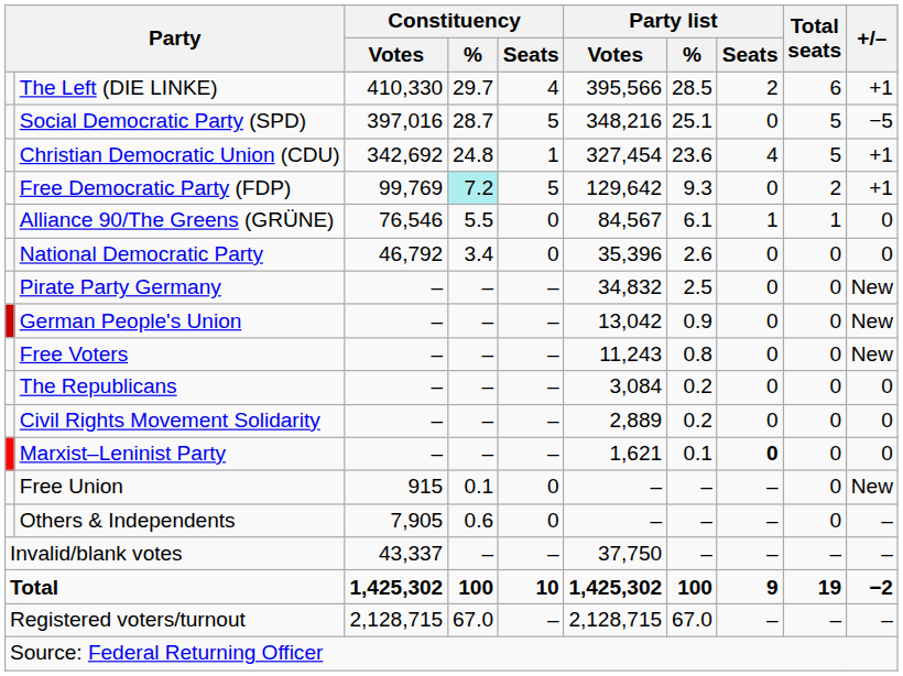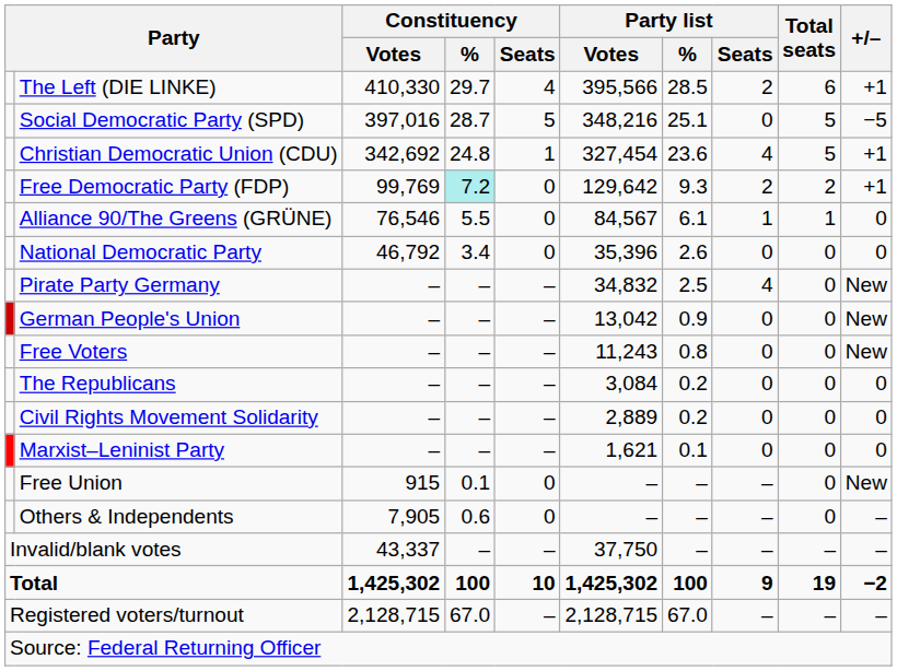 <table class="wikitable" style="text-align:right">
 <tr>
 <th colspan="2" rowspan="2">Party</th>
 <th colspan="3">Constituency</th>
 <th colspan="3">Party list</th>
 <th rowspan="2">Total<br>seats</th>
 <th rowspan="2">+/–</th>
 </tr>
 <tr>
 <th>Votes</th>
 <th>%</th>
 <th>Seats</th>
 <th>Votes</th>
 <th>%</th>
 <th>Seats</th>
 </tr>
 <tr>
 <td></td>
 <td align="left"><a href='#'>The Left</a> (DIE LINKE)</td>
 <td>410,330</td>
 <td>29.7</td>
 <td>4</td>
 <td>395,566</td>
 <td>28.5</td>
 <td>2</td>
 <td>6</td>
 <td>+1</td>
 </tr>
 <tr>
 <td></td>
 <td align="left"><a href='#'>Social Democratic Party</a> (SPD)</td>
 <td>397,016</td>
 <td>28.7</td>
 <td>5</td>
 <td>348,216</td>
 <td>25.1</td>
 <td>0</td>
 <td>5</td>
 <td>−5</td>
 </tr>
 <tr>
 <td></td>
 <td align="left"><a href='#'>Christian Democratic Union</a> (CDU)</td>
 <td>342,692</td>
 <td>24.8</td>
 <td>1</td>
 <td>327,454</td>
 <td>23.6</td>
 <td>4</td>
 <td>5</td>
 <td>+1</td>
 </tr>
 <tr>
 <td></td>
 <td align="left"><a href='#'>Free Democratic Party</a> (FDP)</td>
 <td>99,769</td>
 <td style="background: paleturquoise;">7.2</td>
-<td>5</td>
+<td>0</td>
 <td>129,642</td>
 <td>9.3</td>
-<td>0</td>
+<td>2</td>
 <td>2</td>
 <td>+1</td>
 </tr>
 <tr>
 <td></td>
 <td align="left"><a href='#'>Alliance 90/The Greens</a> (GRÜNE)</td>
 <td>76,546</td>
 <td>5.5</td>
 <td>0</td>
 <td>84,567</td>
 <td>6.1</td>
 <td>1</td>
 <td>1</td>
 <td>0</td>
 </tr>
 <tr>
 <td style="background-color:"></td>
 <td align="left"><a href='#'>National Democratic Party</a></td>
 <td>46,792</td>
 <td>3.4</td>
 <td>0</td>
 <td>35,396</td>
 <td>2.6</td>
 <td>0</td>
 <td>0</td>
 <td>0</td>
 </tr>
 <tr>
 <td style="background-color:"></td>
 <td align="left"><a href='#'>Pirate Party Germany</a></td>
 <td>–</td>
 <td>–</td>
 <td>–</td>
 <td>34,832</td>
 <td>2.5</td>
-<td>0</td>
+<td>4</td>
 <td>0</td>
 <td>New</td>
 </tr>
 <tr>
 <td style="background-color:#CC0000"></td>
 <td align="left"><a href='#'>German People's Union</a></td>
 <td>–</td>
 <td>–</td>
 <td>–</td>
 <td>13,042</td>
 <td>0.9</td>
 <td>0</td>
 <td>0</td>
 <td>New</td>
 </tr>
 <tr>
 <td style="background-color:"></td>
 <td align="left"><a href='#'>Free Voters</a></td>
 <td>–</td>
 <td>–</td>
 <td>–</td>
 <td>11,243</td>
 <td>0.8</td>
 <td>0</td>
 <td>0</td>
 <td>New</td>
 </tr>
 <tr>
 <td style="background-color:"></td>
 <td align="left"><a href='#'>The Republicans</a></td>
 <td>–</td>
 <td>–</td>
 <td>–</td>
 <td>3,084</td>
 <td>0.2</td>
 <td>0</td>
 <td>0</td>
 <td>0</td>
 </tr>
 <tr>
 <td></td>
 <td align="left"><a href='#'>Civil Rights Movement Solidarity</a></td>
 <td>–</td>
 <td>–</td>
 <td>–</td>
 <td>2,889</td>
 <td>0.2</td>
 <td>0</td>
 <td>0</td>
 <td>0</td>
 </tr>
 <tr>
 <td style="background-color:red"></td>
 <td align="left"><a href='#'>Marxist–Leninist Party</a></td>
 <td>–</td>
 <td>–</td>
 <td>–</td>
 <td>1,621</td>
 <td>0.1</td>
-<td><strong>0</strong></td>
+<td>0</td>
 <td>0</td>
 <td>0</td>
 </tr>
 <tr>
 <td></td>
 <td align="left">Free Union</td>
 <td>915</td>
 <td>0.1</td>
 <td>0</td>
 <td>–</td>
 <td>–</td>
 <td>–</td>
 <td>0</td>
 <td>New</td>
 </tr>
 <tr>
 <td></td>
 <td align="left">Others & Independents</td>
 <td>7,905</td>
 <td>0.6</td>
 <td>0</td>
 <td>–</td>
 <td>–</td>
 <td>–</td>
 <td>0</td>
 <td>–</td>
 </tr>
 <tr>
 <td colspan="2" align="left">Invalid/blank votes</td>
 <td>43,337</td>
 <td>–</td>
 <td>–</td>
 <td>37,750</td>
 <td>–</td>
 <td>–</td>
 <td>–</td>
 <td>–</td>
 </tr>
 <tr>
 <td colspan="2" align="left"><strong>Total</strong></td>
 <td><strong>1,425,302</strong></td>
 <td><strong>100</strong></td>
 <td><strong>10</strong></td>
 <td><strong>1,425,302</strong></td>
 <td><strong>100</strong></td>
 <td><strong>9</strong></td>
 <td><strong>19</strong></td>
 <td><strong>−2</strong></td>
 </tr>
 <tr>
 <td colspan="2" align="left">Registered voters/turnout</td>
 <td>2,128,715</td>
 <td>67.0</td>
 <td>–</td>
 <td>2,128,715</td>
 <td>67.0</td>
 <td>–</td>
 <td>–</td>
 <td>–</td>
 </tr>
 <tr>
 <td colspan="10" align="left">Source: <a href='#'>Federal Returning Officer</a></td>
 </tr>
 </table>
